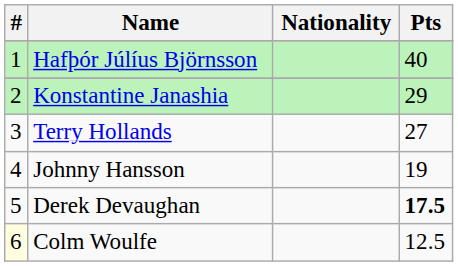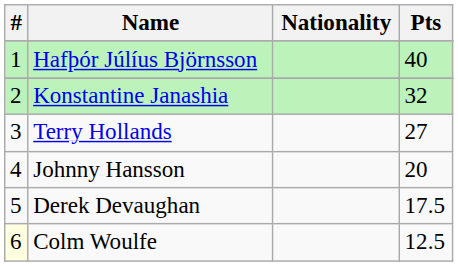 <table class="wikitable" style="display: inline-table; width: 50%;">
 <tr>
 <th>#</th>
 <th>Name</th>
 <th>Nationality</th>
 <th>Pts</th>
 </tr>
 <tr>
 </tr>
 <tr bgcolor=bbf3bb>
 <td>1</td>
 <td><a href='#'>Hafþór Júlíus Björnsson</a></td>
 <td></td>
 <td>40</td>
 </tr>
 <tr>
 </tr>
 <tr bgcolor=bbf3bb>
 <td>2</td>
 <td><a href='#'>Konstantine Janashia</a></td>
 <td></td>
-<td>29</td>
+<td>32</td>
 </tr>
 <tr>
 <td>3</td>
 <td><a href='#'>Terry Hollands</a></td>
 <td></td>
 <td>27</td>
 </tr>
 <tr>
 <td>4</td>
 <td>Johnny Hansson</td>
 <td></td>
-<td>19</td>
+<td>20</td>
 </tr>
 <tr>
 <td>5</td>
 <td>Derek Devaughan</td>
 <td></td>
-<td><strong>17.5</strong></td>
+<td>17.5</td>
 </tr>
 <tr>
 <td style="background: lightyellow;">6</td>
 <td>Colm Woulfe</td>
 <td></td>
 <td>12.5</td>
 </tr>
 </table>
